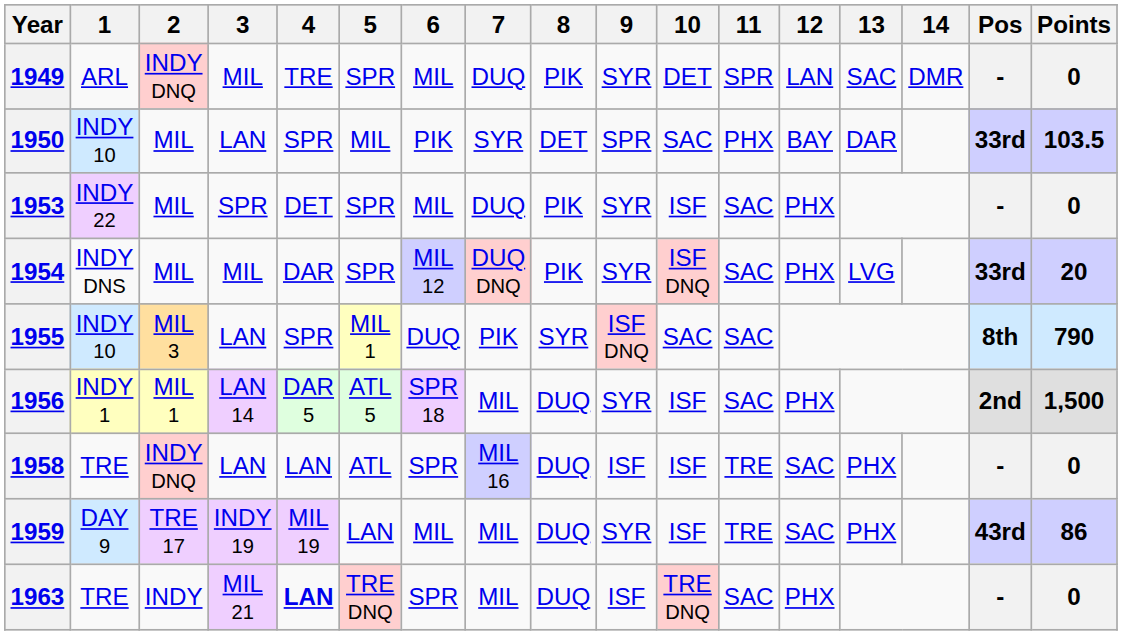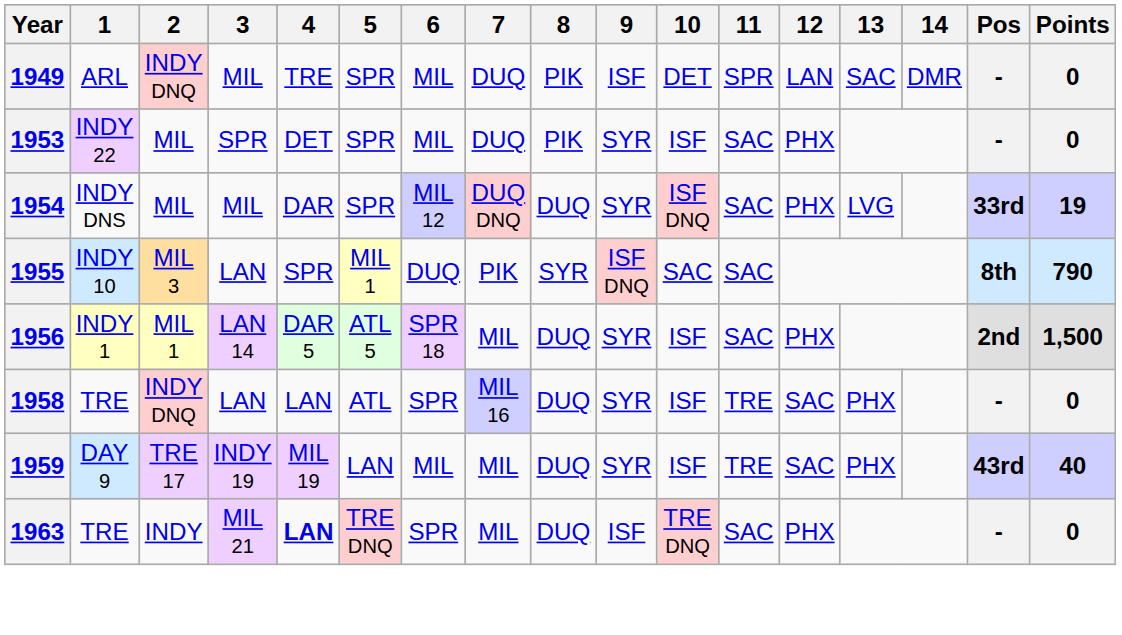 <table class="wikitable" style="text-align:center; font-size:90%">
 <tr>
 <th>Year</th>
 <th>1</th>
 <th>2</th>
 <th>3</th>
 <th>4</th>
 <th>5</th>
 <th>6</th>
 <th>7</th>
 <th>8</th>
 <th>9</th>
 <th>10</th>
 <th>11</th>
 <th>12</th>
 <th>13</th>
 <th>14</th>
 <th>Pos</th>
 <th>Points</th>
 </tr>
 <tr>
 <th><a href='#'>1949</a></th>
 <td><a href='#'>ARL</a></td>
 <td style="background:#FFCFCF;"><a href='#'>INDY</a><br><small>DNQ</small></td>
 <td><a href='#'>MIL</a></td>
 <td><a href='#'>TRE</a></td>
 <td><a href='#'>SPR</a></td>
 <td><a href='#'>MIL</a></td>
 <td><a href='#'>DUQ</a></td>
 <td><a href='#'>PIK</a></td>
-<td><a href='#'>SYR</a></td>
+<td><a href='#'>ISF</a></td>
 <td><a href='#'>DET</a><br><small> </small></td>
 <td><a href='#'>SPR</a><br><small> </small></td>
 <td><a href='#'>LAN</a></td>
 <td><a href='#'>SAC</a></td>
 <td><a href='#'>DMR</a></td>
 <th>-</th>
 <th>0</th>
-</tr>
-<tr>
-<th rowspan=1><a href='#'>1950</a></th>
-<td style="background:#CFEAFF;"><a href='#'>INDY</a><br><small>10</small></td>
-<td><a href='#'>MIL</a><br><small> </small></td>
-<td><a href='#'>LAN</a></td>
-<td><a href='#'>SPR</a></td>
-<td><a href='#'>MIL</a></td>
-<td><a href='#'>PIK</a></td>
-<td><a href='#'>SYR</a></td>
-<td><a href='#'>DET</a></td>
-<td><a href='#'>SPR</a></td>
-<td><a href='#'>SAC</a></td>
-<td><a href='#'>PHX</a></td>
-<td><a href='#'>BAY</a><br><small> </small></td>
-<td><a href='#'>DAR</a></td>
-<td colspan=1></td>
-<th style="background:#CFCFFF;">33rd</th>
-<th style="background:#CFCFFF;">103.5</th>
 </tr>
 <tr>
 <th rowspan=1><a href='#'>1953</a></th>
 <td style="background:#EFCFFF;"><a href='#'>INDY</a><br><small>22</small></td>
 <td><a href='#'>MIL</a><br><small> </small></td>
 <td><a href='#'>SPR</a><br><small> </small></td>
 <td><a href='#'>DET</a><br><small> </small></td>
 <td><a href='#'>SPR</a><br><small> </small></td>
 <td><a href='#'>MIL</a><br><small> </small></td>
 <td><a href='#'>DUQ</a><br><small> </small></td>
 <td><a href='#'>PIK</a></td>
 <td><a href='#'>SYR</a><br><small> </small></td>
 <td><a href='#'>ISF</a><br><small> </small></td>
 <td><a href='#'>SAC</a><br><small> </small></td>
 <td><a href='#'>PHX</a><br><small> </small></td>
 <td colspan=2></td>
 <th>-</th>
 <th>0</th>
 </tr>
 <tr>
 <th rowspan=1><a href='#'>1954</a></th>
 <td><a href='#'>INDY</a><br><small>DNS</small></td>
 <td><a href='#'>MIL</a><br><small> </small></td>
 <td><a href='#'>MIL</a></td>
 <td><a href='#'>DAR</a><br><small> </small></td>
 <td><a href='#'>SPR</a><br><small> </small></td>
 <td style="background:#CFCFFF;"><a href='#'>MIL</a><br><small>12</small></td>
 <td style="background:#FFCFCF;"><a href='#'>DUQ</a><br><small>DNQ</small></td>
-<td><a href='#'>PIK</a></td>
+<td><a href='#'>DUQ</a><br><small> </small></td>
 <td><a href='#'>SYR</a><br><small> </small></td>
 <td style="background:#FFCFCF;"><a href='#'>ISF</a><br><small>DNQ</small></td>
 <td><a href='#'>SAC</a><br><small> </small></td>
 <td><a href='#'>PHX</a><br><small> </small></td>
 <td><a href='#'>LVG</a><br><small> </small></td>
 <td colspan=1></td>
 <th style="background:#CFCFFF;">33rd</th>
-<th style="background:#CFCFFF;">20</th>
+<th style="background:#CFCFFF;">19</th>
 </tr>
 <tr>
 <th rowspan=1><a href='#'>1955</a></th>
 <td style="background:#CFEAFF;"><a href='#'>INDY</a><br><small>10</small></td>
 <td style="background:#FFDF9F;"><a href='#'>MIL</a><br><small>3</small></td>
 <td><a href='#'>LAN</a><br><small> </small></td>
 <td><a href='#'>SPR</a><br><small> </small></td>
 <td style="background:#FFFFBF;"><a href='#'>MIL</a><br><small>1</small></td>
 <td><a href='#'>DUQ</a><br><small> </small></td>
 <td><a href='#'>PIK</a></td>
 <td><a href='#'>SYR</a><br><small> </small></td>
 <td style="background:#FFCFCF;"><a href='#'>ISF</a><br><small>DNQ</small></td>
 <td><a href='#'>SAC</a><br><small> </small></td>
 <td><a href='#'>SAC</a><br><small> </small></td>
 <td colspan=3></td>
 <th style="background:#CFEAFF;">8th</th>
 <th style="background:#CFEAFF;">790</th>
 </tr>
 <tr>
 <th rowspan=1><a href='#'>1956</a></th>
 <td style="background:#FFFFBF;"><a href='#'>INDY</a><br><small>1</small></td>
 <td style="background:#FFFFBF;"><a href='#'>MIL</a><br><small>1</small></td>
 <td style="background:#EFCFFF;"><a href='#'>LAN</a><br><small>14</small></td>
 <td style="background:#DFFFDF;"><a href='#'>DAR</a><br><small>5</small></td>
 <td style="background:#DFFFDF;"><a href='#'>ATL</a><br><small>5</small></td>
 <td style="background:#EFCFFF;"><a href='#'>SPR</a><br><small>18</small></td>
 <td><a href='#'>MIL</a><br><small> </small></td>
 <td><a href='#'>DUQ</a><br><small> </small></td>
 <td><a href='#'>SYR</a><br><small> </small></td>
 <td><a href='#'>ISF</a><br><small> </small></td>
 <td><a href='#'>SAC</a><br><small> </small></td>
 <td><a href='#'>PHX</a><br><small> </small></td>
 <td colspan=2></td>
 <th style="background:#DFDFDF;">2nd</th>
 <th style="background:#DFDFDF;">1,500</th>
 </tr>
 <tr>
 <th rowspan=1><a href='#'>1958</a></th>
 <td><a href='#'>TRE</a></td>
 <td style="background:#FFCFCF;"><a href='#'>INDY</a><br><small>DNQ</small></td>
 <td><a href='#'>LAN</a></td>
 <td><a href='#'>LAN</a></td>
 <td><a href='#'>ATL</a></td>
 <td><a href='#'>SPR</a></td>
 <td style="background:#CFCFFF;"><a href='#'>MIL</a><br><small>16</small></td>
 <td><a href='#'>DUQ</a></td>
-<td><a href='#'>ISF</a></td>
+<td><a href='#'>SYR</a></td>
 <td><a href='#'>ISF</a></td>
 <td><a href='#'>TRE</a></td>
 <td><a href='#'>SAC</a><br><small></small></td>
 <td><a href='#'>PHX</a><br><small></small></td>
 <td colspan=1></td>
 <th>-</th>
 <th>0</th>
 </tr>
 <tr>
 <th rowspan=1><a href='#'>1959</a></th>
 <td style="background:#cfeaff;"><a href='#'>DAY</a><br><small>9</small></td>
 <td style="background:#efcfff;"><a href='#'>TRE</a><br><small>17</small></td>
 <td style="background:#efcfff;"><a href='#'>INDY</a><br><small>19</small></td>
 <td style="background:#efcfff;"><a href='#'>MIL</a><br><small>19</small></td>
 <td><a href='#'>LAN</a><br><small> </small></td>
 <td><a href='#'>MIL</a><br><small> </small></td>
 <td><a href='#'>MIL</a><br><small> </small></td>
 <td><a href='#'>DUQ</a><br><small> </small></td>
 <td><a href='#'>SYR</a><br><small> </small></td>
 <td><a href='#'>ISF</a><br><small> </small></td>
 <td><a href='#'>TRE</a><br><small> </small></td>
 <td><a href='#'>SAC</a><br><small> </small></td>
 <td><a href='#'>PHX</a><br><small> </small></td>
 <td colspan=1></td>
 <th style="background:#CFCFFF;">43rd</th>
-<th style="background:#CFCFFF;">86</th>
+<th style="background:#CFCFFF;">40</th>
 </tr>
 <tr>
 <th><a href='#'>1963</a></th>
 <td><a href='#'>TRE</a></td>
 <td><a href='#'>INDY</a><br><small> </small></td>
 <td style="background:#EFCFFF;"><a href='#'>MIL</a><br><small>21</small></td>
 <td><strong><a href='#'>LAN</a></strong></td>
 <td style="background:#FFCFCF;"><a href='#'>TRE</a><br><small>DNQ</small></td>
 <td><a href='#'>SPR</a></td>
 <td><a href='#'>MIL</a></td>
 <td><a href='#'>DUQ</a></td>
 <td><a href='#'>ISF</a></td>
 <td style="background:#FFCFCF;"><a href='#'>TRE</a><br><small>DNQ</small></td>
 <td><a href='#'>SAC</a></td>
 <td><a href='#'>PHX</a></td>
 <td colspan=2></td>
 <th>-</th>
 <th>0</th>
 </tr>
 </table>
